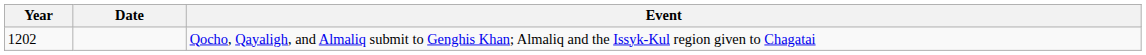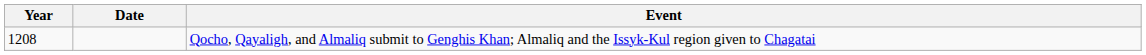 <table class="wikitable" width="100%">
 <tr>
 <th style="width:6%">Year</th>
 <th style="width:10%">Date</th>
 <th>Event</th>
 </tr>
 <tr>
-<td>1202</td>
+<td>1208</td>
 <td></td>
 <td><a href='#'>Qocho</a>, <a href='#'>Qayaligh</a>, and <a href='#'>Almaliq</a> submit to <a href='#'>Genghis Khan</a>; Almaliq and the <a href='#'>Issyk-Kul</a> region given to <a href='#'>Chagatai</a></td>
 </tr>
 </table>
